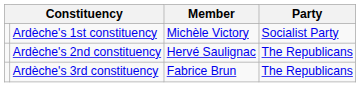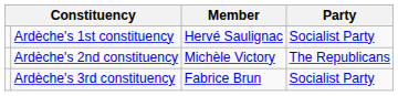 <table class="wikitable">
 <tr>
 <th colspan="2">Constituency</th>
 <th>Member</th>
 <th>Party</th>
 </tr>
 <tr>
 <td style="background-color: "></td>
 <td><a href='#'>Ardèche's 1st constituency</a></td>
-<td><a href='#'>Michèle Victory</a></td>
+<td><a href='#'>Hervé Saulignac</a></td>
 <td><a href='#'>Socialist Party</a></td>
 </tr>
 <tr>
 <td style="background-color: "></td>
 <td><a href='#'>Ardèche's 2nd constituency</a></td>
-<td><a href='#'>Hervé Saulignac</a></td>
+<td><a href='#'>Michèle Victory</a></td>
 <td><a href='#'>The Republicans</a></td>
 </tr>
 <tr>
 <td style="background-color: "></td>
 <td><a href='#'>Ardèche's 3rd constituency</a></td>
 <td><a href='#'>Fabrice Brun</a></td>
-<td><a href='#'>The Republicans</a></td>
+<td><a href='#'>Socialist Party</a></td>
 </tr>
 </table>
